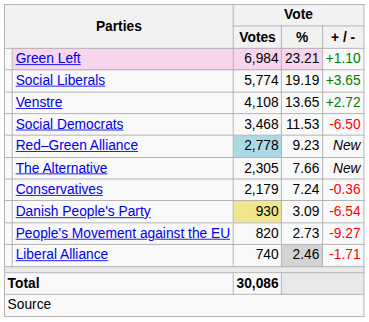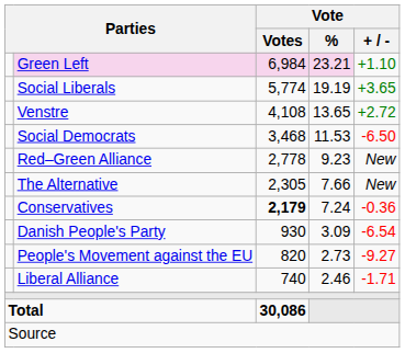 <table class="wikitable" style="text-align:right;">
 <tr>
 <th style="text-align:centre;" rowspan="2" colspan="2" width="225">Parties</th>
 <th colspan="3">Vote</th>
 </tr>
 <tr>
 <th width="15">Votes</th>
 <th width="15">%</th>
 <th width="15">+ / -</th>
 </tr>
 <tr>
 <td width="2" style="color:inherit;background:"></td>
 <td bgcolor=#f7d5ed   align="left"><a href='#'>Green Left</a></td>
 <td bgcolor=#f7d5ed>6,984</td>
 <td bgcolor=#f7d5ed>23.21</td>
 <td style=color:green;>+1.10</td>
 </tr>
 <tr>
 <td width="2" style="color:inherit;background:"></td>
 <td align="left"><a href='#'>Social Liberals</a></td>
 <td>5,774</td>
 <td>19.19</td>
 <td style=color:green;>+3.65</td>
 </tr>
 <tr>
 <td width="2" style="color:inherit;background:"></td>
 <td align="left"><a href='#'>Venstre</a></td>
 <td>4,108</td>
 <td>13.65</td>
 <td style=color:green;>+2.72</td>
 </tr>
 <tr>
 <td width="2" style="color:inherit;background:"></td>
 <td align="left"><a href='#'>Social Democrats</a></td>
 <td>3,468</td>
 <td>11.53</td>
 <td style=color:red;>-6.50</td>
 </tr>
 <tr>
 <td width="2" style="color:inherit;background:"></td>
 <td align="left"><a href='#'>Red–Green Alliance</a></td>
-<td style="background: lightblue;">2,778</td>
+<td>2,778</td>
 <td>9.23</td>
 <td><em>New</em></td>
 </tr>
 <tr>
 <td width="2" style="color:inherit;background:"></td>
 <td align="left"><a href='#'>The Alternative</a></td>
 <td>2,305</td>
 <td>7.66</td>
 <td><em>New</em></td>
 </tr>
 <tr>
 <td width="2" style="color:inherit;background:"></td>
 <td align="left"><a href='#'>Conservatives</a></td>
-<td>2,179</td>
+<td><strong>2,179</strong></td>
 <td>7.24</td>
 <td style=color:red;>-0.36</td>
 </tr>
 <tr>
 <td width="2" style="color:inherit;background:"></td>
 <td align="left"><a href='#'>Danish People's Party</a></td>
-<td style="background: khaki;">930</td>
+<td>930</td>
 <td>3.09</td>
 <td style=color:red;>-6.54</td>
 </tr>
 <tr>
 <td width="2" style="color:inherit;background:"></td>
 <td align="left"><a href='#'>People's Movement against the EU</a></td>
 <td>820</td>
 <td>2.73</td>
 <td style=color:red;>-9.27</td>
 </tr>
 <tr>
 <td width="2" style="color:inherit;background:"></td>
 <td align="left"><a href='#'>Liberal Alliance</a></td>
 <td>740</td>
-<td style="background: lightgrey;">2.46</td>
+<td>2.46</td>
 <td style=color:red;>-1.71</td>
 </tr>
 <tr>
 <td colspan="7" bgcolor="#E9E9E9"></td>
 </tr>
 <tr>
 <td align="left" colspan="2"><strong>Total</strong></td>
 <td><strong>30,086</strong></td>
 <td bgcolor="#E9E9E9" colspan="2"></td>
 </tr>
 <tr>
 <td align="left" colspan="6">Source</td>
 </tr>
 </table>
